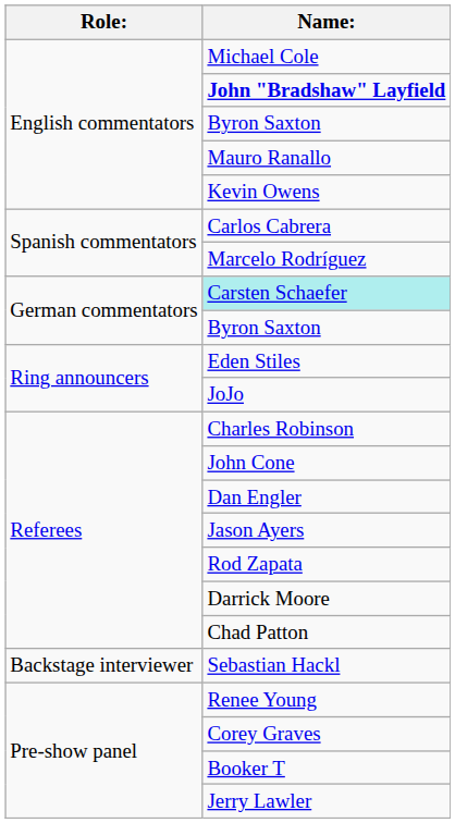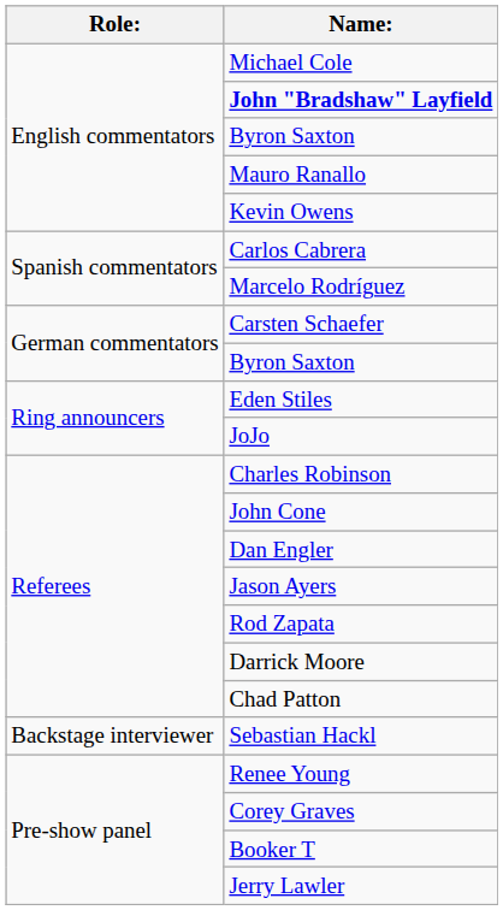 <table class=wikitable style="font-size:90%; margin: 0.5em 0 0.5em 1em; float: right; clear: right;">
 <tr>
 <th>Role:</th>
 <th>Name:</th>
 </tr>
 <tr>
 <td rowspan=5>English commentators</td>
 <td><a href='#'>Michael Cole</a> </td>
 </tr>
 <tr>
 <td><strong><a href='#'>John "Bradshaw" Layfield</a> </strong></td>
 </tr>
 <tr>
 <td><a href='#'>Byron Saxton</a> </td>
 </tr>
 <tr>
 <td><a href='#'>Mauro Ranallo</a> </td>
 </tr>
 <tr>
 <td><a href='#'>Kevin Owens</a> </td>
 </tr>
 <tr>
 <td rowspan=2>Spanish commentators</td>
 <td><a href='#'>Carlos Cabrera</a></td>
 </tr>
 <tr>
 <td><a href='#'>Marcelo Rodríguez</a></td>
 </tr>
 <tr>
 <td rowspan=2>German commentators</td>
-<td style="background: paleturquoise;"><a href='#'>Carsten Schaefer</a></td>
+<td><a href='#'>Carsten Schaefer</a></td>
 </tr>
 <tr>
 <td><a href='#'>Byron Saxton</a></td>
 </tr>
 <tr>
 <td rowspan=2><a href='#'>Ring announcers</a></td>
 <td><a href='#'>Eden Stiles</a></td>
 </tr>
 <tr>
 <td><a href='#'>JoJo</a></td>
 </tr>
 <tr>
 <td rowspan=7><a href='#'>Referees</a></td>
 <td><a href='#'>Charles Robinson</a></td>
 </tr>
 <tr>
 <td><a href='#'>John Cone</a></td>
 </tr>
 <tr>
 <td><a href='#'>Dan Engler</a></td>
 </tr>
 <tr>
 <td><a href='#'>Jason Ayers</a></td>
 </tr>
 <tr>
 <td><a href='#'>Rod Zapata</a></td>
 </tr>
 <tr>
 <td>Darrick Moore</td>
 </tr>
 <tr>
 <td>Chad Patton</td>
 </tr>
 <tr>
 <td rowspan=1>Backstage interviewer</td>
 <td><a href='#'>Sebastian Hackl</a></td>
 </tr>
 <tr>
 <td rowspan=4>Pre-show panel</td>
 <td><a href='#'>Renee Young</a></td>
 </tr>
 <tr>
 <td><a href='#'>Corey Graves</a></td>
 </tr>
 <tr>
 <td><a href='#'>Booker T</a></td>
 </tr>
 <tr>
 <td><a href='#'>Jerry Lawler</a></td>
 </tr>
 </table>
